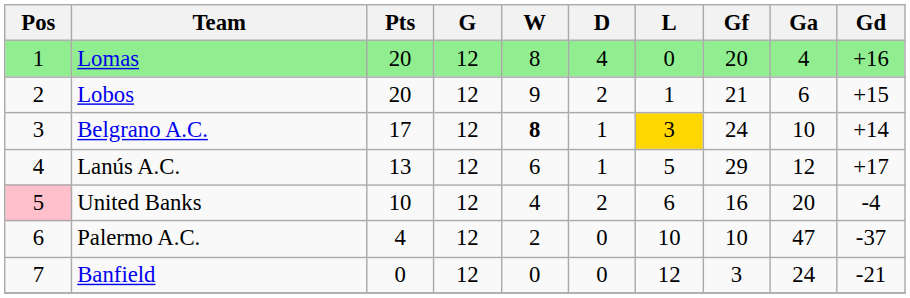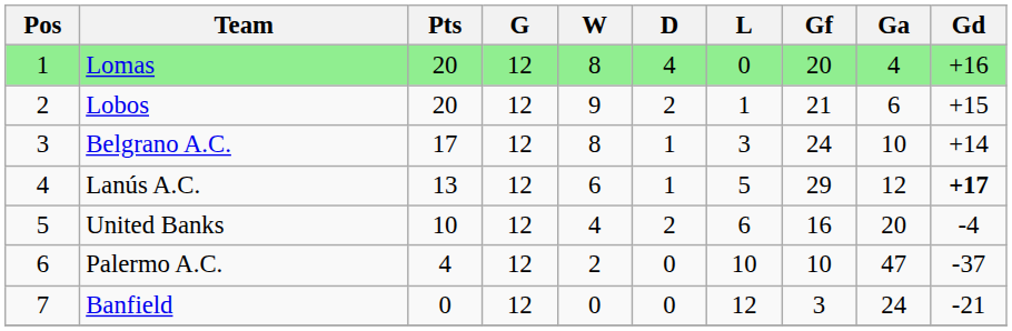 <table class="wikitable" style="text-align:center">
 <tr>
 <th width=40px>Pos</th>
 <th width=200px>Team</th>
 <th width=40px>Pts</th>
 <th width=40px>G</th>
 <th width=40px>W</th>
 <th width=40px>D</th>
 <th width=40px>L</th>
 <th width=40px>Gf</th>
 <th width=40px>Ga</th>
 <th width=40px>Gd</th>
 </tr>
 <tr bgcolor="lightgreen">
 <td>1</td>
 <td align=left><a href='#'>Lomas</a></td>
 <td>20</td>
 <td>12</td>
 <td>8</td>
 <td>4</td>
 <td>0</td>
 <td>20</td>
 <td>4</td>
 <td>+16</td>
 </tr>
 <tr>
 <td>2</td>
 <td align=left><a href='#'>Lobos</a></td>
 <td>20</td>
 <td>12</td>
 <td>9</td>
 <td>2</td>
 <td>1</td>
 <td>21</td>
 <td>6</td>
 <td>+15</td>
 </tr>
 <tr>
 <td>3</td>
 <td align=left><a href='#'>Belgrano A.C.</a></td>
 <td>17</td>
 <td>12</td>
-<td><strong>8</strong></td>
+<td>8</td>
 <td>1</td>
-<td style="background: gold;">3</td>
+<td>3</td>
 <td>24</td>
 <td>10</td>
 <td>+14</td>
 </tr>
 <tr>
 <td>4</td>
 <td align=left>Lanús A.C.</td>
 <td>13</td>
 <td>12</td>
 <td>6</td>
 <td>1</td>
 <td>5</td>
 <td>29</td>
 <td>12</td>
-<td>+17</td>
+<td><strong>+17</strong></td>
 </tr>
 <tr>
-<td style="background: pink;">5</td>
+<td>5</td>
 <td align=left>United Banks</td>
 <td>10</td>
 <td>12</td>
 <td>4</td>
 <td>2</td>
 <td>6</td>
 <td>16</td>
 <td>20</td>
 <td>-4</td>
 </tr>
 <tr>
 <td>6</td>
 <td align=left>Palermo A.C.</td>
 <td>4</td>
 <td>12</td>
 <td>2</td>
 <td>0</td>
 <td>10</td>
 <td>10</td>
 <td>47</td>
 <td>-37</td>
 </tr>
 <tr>
 <td>7</td>
 <td align=left><a href='#'>Banfield</a></td>
 <td>0</td>
 <td>12</td>
 <td>0</td>
 <td>0</td>
 <td>12</td>
 <td>3</td>
 <td>24</td>
 <td>-21</td>
 </tr>
 <tr>
 </tr>
 </table>
